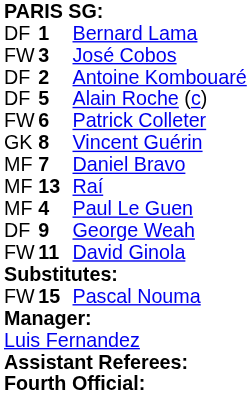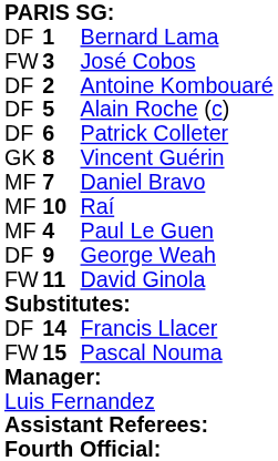 <table style=font-size:90% cellspacing=0 cellpadding=0>
 <tr>
 <td colspan=4><strong>PARIS SG:</strong></td>
 </tr>
 <tr>
 <th width=25></th>
 <th width=25></th>
 </tr>
 <tr>
 <td>DF</td>
 <td><strong>1</strong></td>
 <td> <a href='#'>Bernard Lama</a></td>
 </tr>
 <tr>
 <td>FW</td>
 <td><strong>3</strong></td>
 <td> <a href='#'>José Cobos</a></td>
 <td></td>
 <td></td>
 </tr>
 <tr>
 <td>DF</td>
 <td><strong>2</strong></td>
 <td> <a href='#'>Antoine Kombouaré</a></td>
 </tr>
 <tr>
 <td>DF</td>
 <td><strong>5</strong></td>
 <td> <a href='#'>Alain Roche</a> (<a href='#'>c</a>)</td>
 </tr>
 <tr>
-<td>FW</td>
+<td>DF</td>
 <td><strong>6</strong></td>
 <td> <a href='#'>Patrick Colleter</a></td>
 </tr>
 <tr>
 <td>GK</td>
 <td><strong>8</strong></td>
 <td> <a href='#'>Vincent Guérin</a></td>
 </tr>
 <tr>
 <td>MF</td>
 <td><strong>7</strong></td>
 <td> <a href='#'>Daniel Bravo</a></td>
 </tr>
 <tr>
 <td>MF</td>
-<td><strong>13</strong></td>
+<td><strong>10</strong></td>
 <td> <a href='#'>Raí</a></td>
 <td></td>
 <td></td>
 </tr>
 <tr>
 <td>MF</td>
 <td><strong>4</strong></td>
 <td> <a href='#'>Paul Le Guen</a></td>
 </tr>
 <tr>
 <td>DF</td>
 <td><strong>9</strong></td>
 <td> <a href='#'>George Weah</a></td>
 </tr>
 <tr>
 <td>FW</td>
 <td><strong>11</strong></td>
 <td> <a href='#'>David Ginola</a></td>
 </tr>
 <tr>
 <td colspan=3><strong>Substitutes:</strong></td>
 </tr>
 <tr>
+<td>DF</td>
+<td><strong>14</strong></td>
+<td> <a href='#'>Francis Llacer</a></td>
+<td></td>
+<td></td>
+</tr>
+<tr>
 <td>FW</td>
 <td><strong>15</strong></td>
 <td> <a href='#'>Pascal Nouma</a></td>
 <td></td>
 <td></td>
 </tr>
 <tr>
 <td colspan=3><strong>Manager:</strong></td>
 </tr>
 <tr>
 <td colspan=4> <a href='#'>Luis Fernandez</a><br><strong>Assistant Referees:</strong><br> <strong>Fourth Official:</strong><br></td>
 </tr>
 </table>
